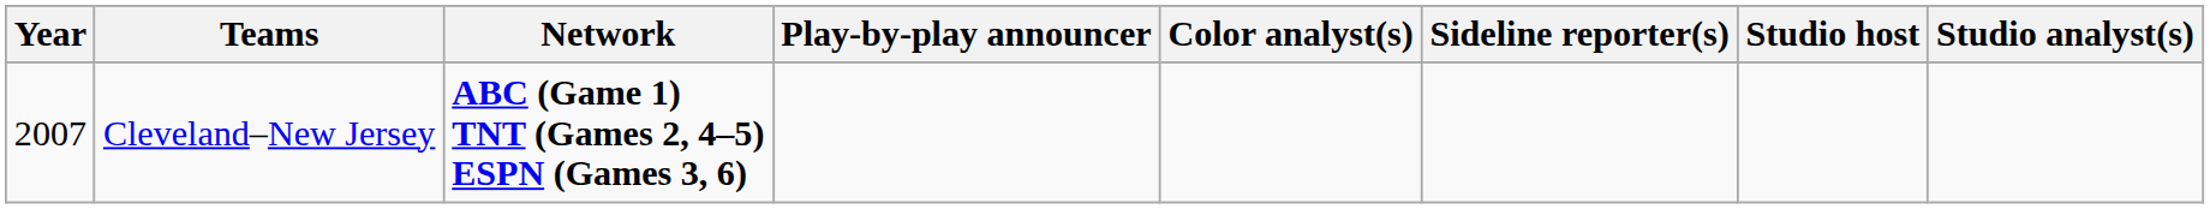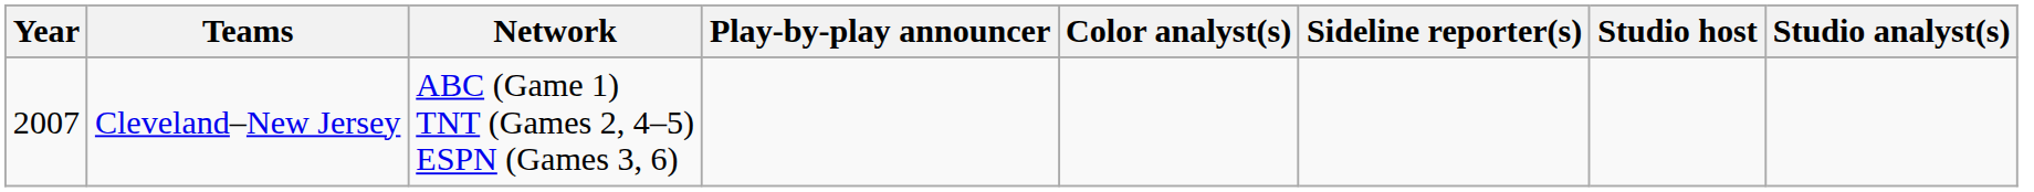 <table class="wikitable">
 <tr>
 <th>Year</th>
 <th>Teams</th>
 <th>Network</th>
 <th>Play-by-play announcer</th>
 <th>Color analyst(s)</th>
 <th>Sideline reporter(s)</th>
 <th>Studio host</th>
 <th>Studio analyst(s)</th>
 </tr>
 <tr>
 <td rowspan=2>2007</td>
 <td rowspan=2><a href='#'>Cleveland</a>–<a href='#'>New Jersey</a></td>
-<td><strong><a href='#'>ABC</a> (Game 1)<br><a href='#'>TNT</a> (Games 2, 4–5)<br><a href='#'>ESPN</a> (Games 3, 6)</strong></td>
+<td><a href='#'>ABC</a> (Game 1)<br><a href='#'>TNT</a> (Games 2, 4–5)<br><a href='#'>ESPN</a> (Games 3, 6)</td>
 <td></td>
 <td></td>
 <td></td>
 <td></td>
 <td></td>
 </tr>
 </table>
